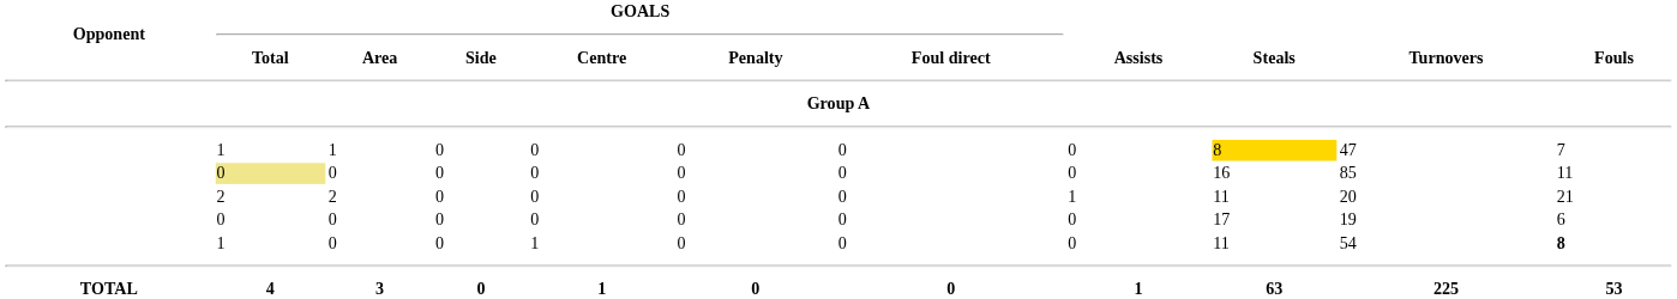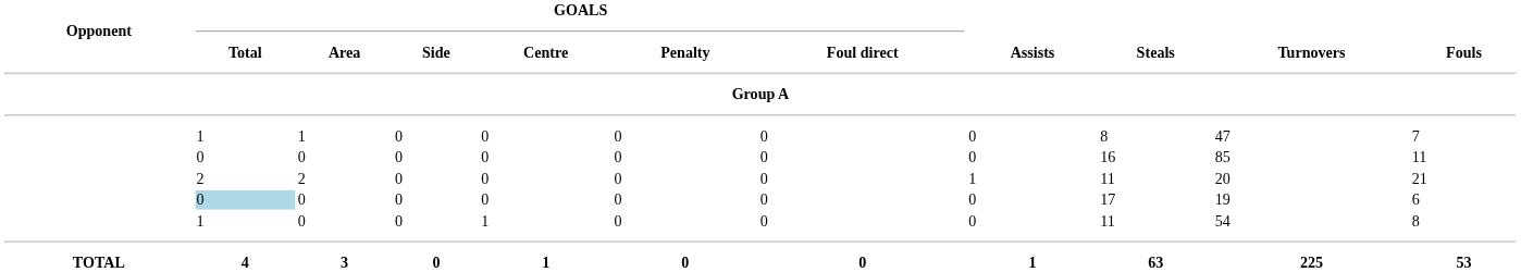 <table border=0 width=100%>
 <tr>
 <th rowspan=3>Opponent</th>
 <th align=center colspan=6 valign=bottom>GOALS</th>
 <th rowspan=3 valign=bottom>Assists</th>
 <th rowspan=3 valign=bottom>Steals</th>
 <th rowspan=3 valign=bottom>Turnovers</th>
 <th rowspan=3 valign=bottom>Fouls</th>
 </tr>
 <tr>
 <th colspan=6><hr></th>
 </tr>
 <tr>
 <th>Total</th>
 <th>Area</th>
 <th>Side</th>
 <th>Centre</th>
 <th>Penalty</th>
 <th>Foul direct</th>
 </tr>
 <tr>
 <th colspan=11><hr></th>
 </tr>
 <tr>
 <th colspan=11>Group A</th>
 </tr>
 <tr>
 <th colspan=11><hr></th>
 </tr>
 <tr>
 <td></td>
 <td>1</td>
 <td>1</td>
 <td>0</td>
 <td>0</td>
 <td>0</td>
 <td>0</td>
 <td>0</td>
-<td style="background: gold;">8</td>
+<td>8</td>
 <td>47</td>
 <td>7</td>
 </tr>
 <tr>
 <td></td>
-<td style="background: khaki;">0</td>
+<td>0</td>
 <td>0</td>
 <td>0</td>
 <td>0</td>
 <td>0</td>
 <td>0</td>
 <td>0</td>
 <td>16</td>
 <td>85</td>
 <td>11</td>
 </tr>
 <tr>
 <td></td>
 <td>2</td>
 <td>2</td>
 <td>0</td>
 <td>0</td>
 <td>0</td>
 <td>0</td>
 <td>1</td>
 <td>11</td>
 <td>20</td>
 <td>21</td>
 </tr>
 <tr>
 <td></td>
-<td>0</td>
+<td style="background: lightblue;">0</td>
 <td>0</td>
 <td>0</td>
 <td>0</td>
 <td>0</td>
 <td>0</td>
 <td>0</td>
 <td>17</td>
 <td>19</td>
 <td>6</td>
 </tr>
 <tr>
 <td></td>
 <td>1</td>
 <td>0</td>
 <td>0</td>
 <td>1</td>
 <td>0</td>
 <td>0</td>
 <td>0</td>
 <td>11</td>
 <td>54</td>
-<td><strong>8</strong></td>
+<td>8</td>
 </tr>
 <tr>
 <td colspan=11><hr></td>
 </tr>
 <tr>
 <th>TOTAL</th>
 <th>4</th>
 <th>3</th>
 <th>0</th>
 <th>1</th>
 <th>0</th>
 <th>0</th>
 <th>1</th>
 <th>63</th>
 <th>225</th>
 <th>53</th>
 </tr>
 </table>
